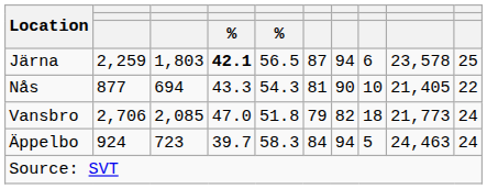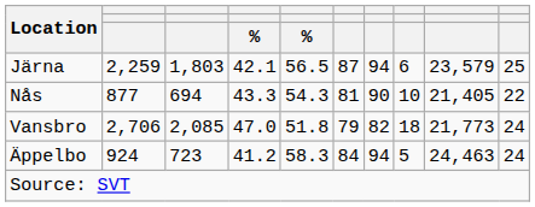 <table role="presentation" class="wikitable sortable mw-collapsible">
 <tr>
 <th rowspan="3">Location</th>
 <th></th>
 <th></th>
 <th></th>
 <th></th>
 <th></th>
 <th></th>
 <th></th>
 <th></th>
 <th></th>
 </tr>
 <tr>
 <th></th>
 <th></th>
 <th style="background:"></th>
 <th style="background:"></th>
 <th></th>
 <th></th>
 <th></th>
 <th></th>
 <th></th>
 </tr>
 <tr>
 <th data-sort-type="number"></th>
 <th data-sort-type="number"></th>
 <th data-sort-type="number">%</th>
 <th data-sort-type="number">%</th>
 <th data-sort-type="number"></th>
 <th data-sort-type="number"></th>
 <th data-sort-type="number"></th>
 <th data-sort-type="number"></th>
 <th data-sort-type="number"></th>
 </tr>
 <tr>
 <td align="left">Järna</td>
 <td>2,259</td>
 <td>1,803</td>
-<td><strong>42.1</strong></td>
+<td>42.1</td>
 <td>56.5</td>
 <td>87</td>
 <td>94</td>
 <td>6</td>
-<td>23,578</td>
+<td>23,579</td>
 <td>25</td>
 </tr>
 <tr>
 <td align="left">Nås</td>
 <td>877</td>
 <td>694</td>
 <td>43.3</td>
 <td>54.3</td>
 <td>81</td>
 <td>90</td>
 <td>10</td>
 <td>21,405</td>
 <td>22</td>
 </tr>
 <tr>
 <td align="left">Vansbro</td>
 <td>2,706</td>
 <td>2,085</td>
 <td>47.0</td>
 <td>51.8</td>
 <td>79</td>
 <td>82</td>
 <td>18</td>
 <td>21,773</td>
 <td>24</td>
 </tr>
 <tr>
 <td align="left">Äppelbo</td>
 <td>924</td>
 <td>723</td>
-<td>39.7</td>
+<td>41.2</td>
 <td>58.3</td>
 <td>84</td>
 <td>94</td>
 <td>5</td>
 <td>24,463</td>
 <td>24</td>
 </tr>
 <tr>
 <td colspan="10" align="left">Source: <a href='#'>SVT</a></td>
 </tr>
 </table>
